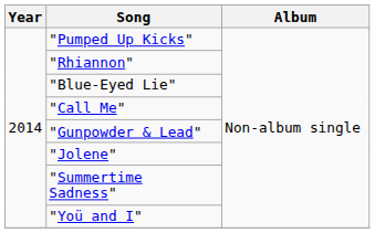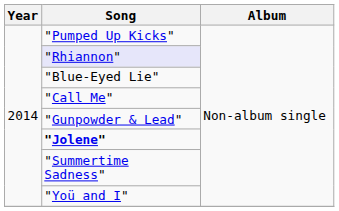 <table class="wikitable">
 <tr>
 <th>Year</th>
 <th style="width:12em;">Song</th>
 <th style="width:10em;">Album</th>
 </tr>
 <tr>
 <td rowspan="8">2014</td>
 <td>"<a href='#'>Pumped Up Kicks</a>"</td>
 <td rowspan="8">Non-album single</td>
 </tr>
 <tr>
-<td>"<a href='#'>Rhiannon</a>"</td>
+<td style="background: lavender;">"<a href='#'>Rhiannon</a>"</td>
 </tr>
 <tr>
 <td>"Blue-Eyed Lie"</td>
 </tr>
 <tr>
 <td>"<a href='#'>Call Me</a>"</td>
 </tr>
 <tr>
 <td>"<a href='#'>Gunpowder & Lead</a>"</td>
 </tr>
 <tr>
-<td>"<a href='#'>Jolene</a>"</td>
+<td><strong>"<a href='#'>Jolene</a>"</strong></td>
 </tr>
 <tr>
 <td>"<a href='#'>Summertime Sadness</a>"</td>
 </tr>
 <tr>
 <td>"<a href='#'>Yoü and I</a>"</td>
 </tr>
 <tr>
 </tr>
 </table>
